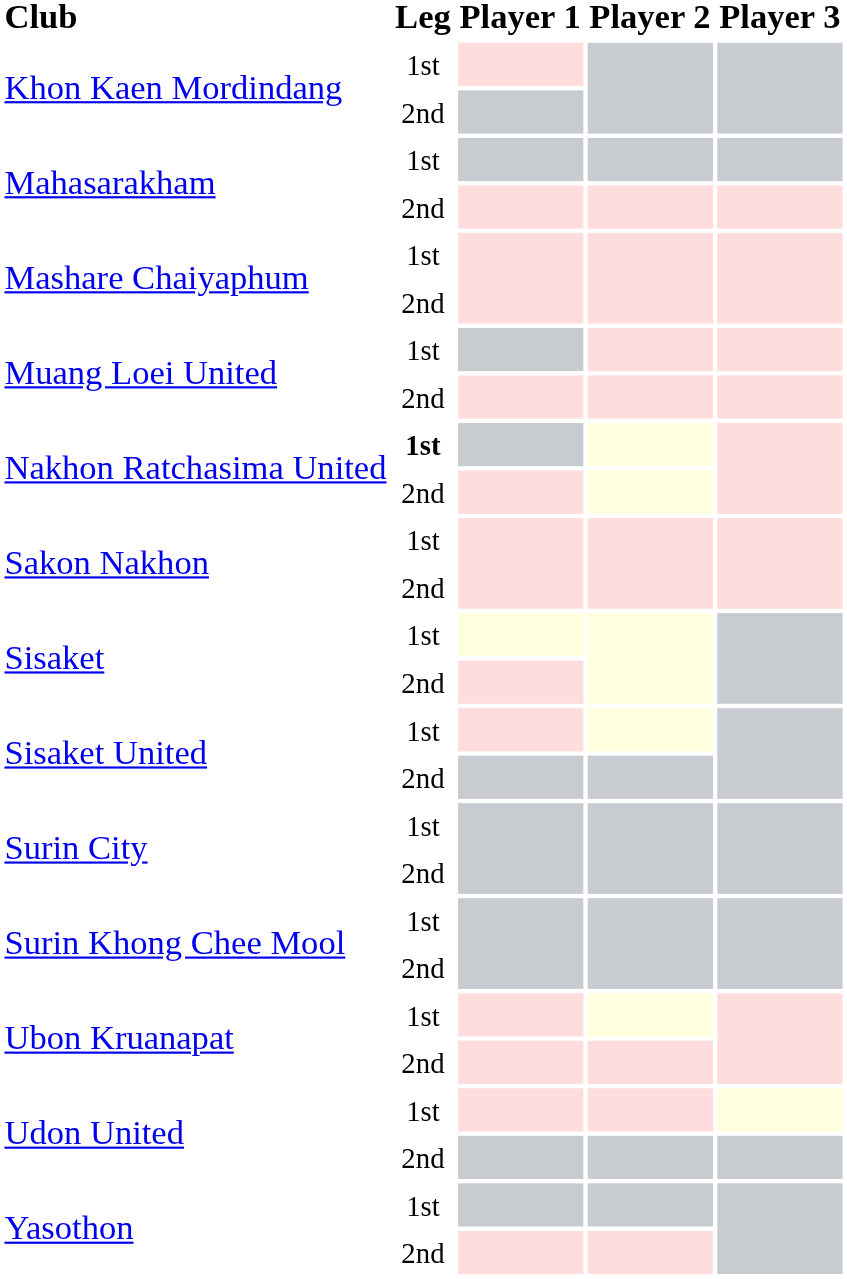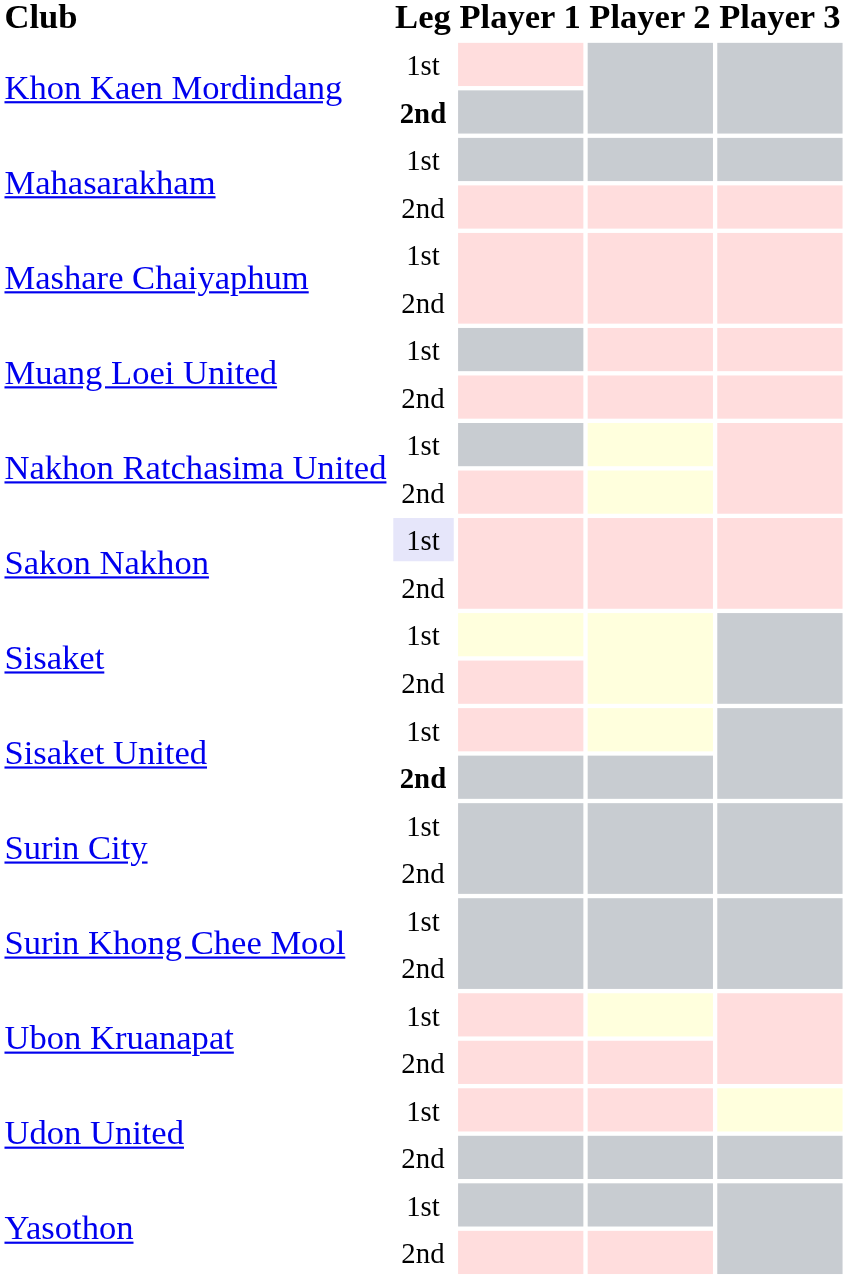 <table class="sortable" style="text-align:left">
 <tr>
 <th>Club</th>
 <th>Leg</th>
 <th>Player 1</th>
 <th>Player 2</th>
 <th>Player 3</th>
 </tr>
 <tr>
 <td rowspan="2"><a href='#'>Khon Kaen Mordindang</a></td>
 <td align="center"><small>1st</small></td>
 <td bgcolor="#ffdddd"></td>
 <td bgcolor="#c8ccd1"rowspan="2"></td>
 <td bgcolor="#c8ccd1"rowspan="2"></td>
 </tr>
 <tr>
-<td align="center"><small>2nd</small></td>
+<td align="center"><strong><small>2nd</small></strong></td>
 <td bgcolor="#c8ccd1"></td>
 </tr>
 <tr>
 <td rowspan="2"><a href='#'>Mahasarakham</a></td>
 <td align="center"><small>1st</small></td>
 <td bgcolor="#c8ccd1"></td>
 <td bgcolor="#c8ccd1"></td>
 <td bgcolor="#c8ccd1"></td>
 </tr>
 <tr>
 <td align="center"><small>2nd</small></td>
 <td bgcolor="#ffdddd"></td>
 <td bgcolor="#ffdddd"></td>
 <td bgcolor="#ffdddd"></td>
 </tr>
 <tr>
 <td rowspan="2"><a href='#'>Mashare Chaiyaphum</a></td>
 <td align="center"><small>1st</small></td>
 <td bgcolor="#ffdddd"rowspan="2"></td>
 <td bgcolor="#ffdddd"rowspan="2"></td>
 <td bgcolor="#ffdddd"rowspan="2"></td>
 </tr>
 <tr>
 <td align="center"><small>2nd</small></td>
 </tr>
 <tr>
 <td rowspan="2"><a href='#'>Muang Loei United</a></td>
 <td align="center"><small>1st</small></td>
 <td bgcolor="#c8ccd1"></td>
 <td bgcolor="#ffdddd"></td>
 <td bgcolor="#ffdddd"></td>
 </tr>
 <tr>
 <td align="center"><small>2nd</small></td>
 <td bgcolor="#ffdddd"></td>
 <td bgcolor="#ffdddd"></td>
 <td bgcolor="#ffdddd"></td>
 </tr>
 <tr>
 <td rowspan="2"><a href='#'>Nakhon Ratchasima United</a></td>
-<td align="center"><strong><small>1st</small></strong></td>
+<td align="center"><small>1st</small></td>
 <td bgcolor="#c8ccd1"></td>
 <td bgcolor="#ffffdd"></td>
 <td bgcolor="#ffdddd"rowspan="2"></td>
 </tr>
 <tr>
 <td align="center"><small>2nd</small></td>
 <td bgcolor="#ffdddd"></td>
 <td bgcolor="#ffffdd"></td>
 </tr>
 <tr>
 <td rowspan="2"><a href='#'>Sakon Nakhon</a></td>
-<td align="center"><small>1st</small></td>
+<td align="center" style="background: lavender;"><small>1st</small></td>
 <td bgcolor="#ffdddd"rowspan="2"></td>
 <td bgcolor="#ffdddd"rowspan="2"></td>
 <td bgcolor="#ffdddd"rowspan="2"></td>
 </tr>
 <tr>
 <td align="center"><small>2nd</small></td>
 </tr>
 <tr>
 <td rowspan="2"><a href='#'>Sisaket</a></td>
 <td align="center"><small>1st</small></td>
 <td bgcolor="#ffffdd"></td>
 <td bgcolor="#ffffdd"rowspan="2"></td>
 <td bgcolor="#c8ccd1"rowspan="2"></td>
 </tr>
 <tr>
 <td align="center"><small>2nd</small></td>
 <td bgcolor="#ffdddd"></td>
 </tr>
 <tr>
 <td rowspan="2"><a href='#'>Sisaket United</a></td>
 <td align="center"><small>1st</small></td>
 <td bgcolor="#ffdddd"></td>
 <td bgcolor="#ffffdd"></td>
 <td bgcolor="#c8ccd1"rowspan="2"></td>
 </tr>
 <tr>
-<td align="center"><small>2nd</small></td>
+<td align="center"><strong><small>2nd</small></strong></td>
 <td bgcolor="#c8ccd1"></td>
 <td bgcolor="#c8ccd1"></td>
 </tr>
 <tr>
 <td rowspan="2"><a href='#'>Surin City</a></td>
 <td align="center"><small>1st</small></td>
 <td bgcolor="#c8ccd1"rowspan="2"></td>
 <td bgcolor="#c8ccd1"rowspan="2"></td>
 <td bgcolor="#c8ccd1"rowspan="2"></td>
 </tr>
 <tr>
 <td align="center"><small>2nd</small></td>
 </tr>
 <tr>
 <td rowspan="2"><a href='#'>Surin Khong Chee Mool</a></td>
 <td align="center"><small>1st</small></td>
 <td bgcolor="#c8ccd1"rowspan="2"></td>
 <td bgcolor="#c8ccd1"rowspan="2"></td>
 <td bgcolor="#c8ccd1"rowspan="2"></td>
 </tr>
 <tr>
 <td align="center"><small>2nd</small></td>
 </tr>
 <tr>
 <td rowspan="2"><a href='#'>Ubon Kruanapat</a></td>
 <td align="center"><small>1st</small></td>
 <td bgcolor="#ffdddd"></td>
 <td bgcolor="#ffffdd"></td>
 <td bgcolor="#ffdddd"rowspan="2"></td>
 </tr>
 <tr>
 <td align="center"><small>2nd</small></td>
 <td bgcolor="#ffdddd"></td>
 <td bgcolor="#ffdddd"></td>
 </tr>
 <tr>
 <td rowspan="2"><a href='#'>Udon United</a></td>
 <td align="center"><small>1st</small></td>
 <td bgcolor="#ffdddd"></td>
 <td bgcolor="#ffdddd"></td>
 <td bgcolor="#ffffdd"></td>
 </tr>
 <tr>
 <td align="center"><small>2nd</small></td>
 <td bgcolor="#c8ccd1"></td>
 <td bgcolor="#c8ccd1"></td>
 <td bgcolor="#c8ccd1"></td>
 </tr>
 <tr>
 <td rowspan="2"><a href='#'>Yasothon</a></td>
 <td align="center"><small>1st</small></td>
 <td bgcolor="#c8ccd1"></td>
 <td bgcolor="#c8ccd1"></td>
 <td bgcolor="#c8ccd1"rowspan="2"></td>
 </tr>
 <tr>
 <td align="center"><small>2nd</small></td>
 <td bgcolor="#ffdddd"></td>
 <td bgcolor="#ffdddd"></td>
 </tr>
 </table>
